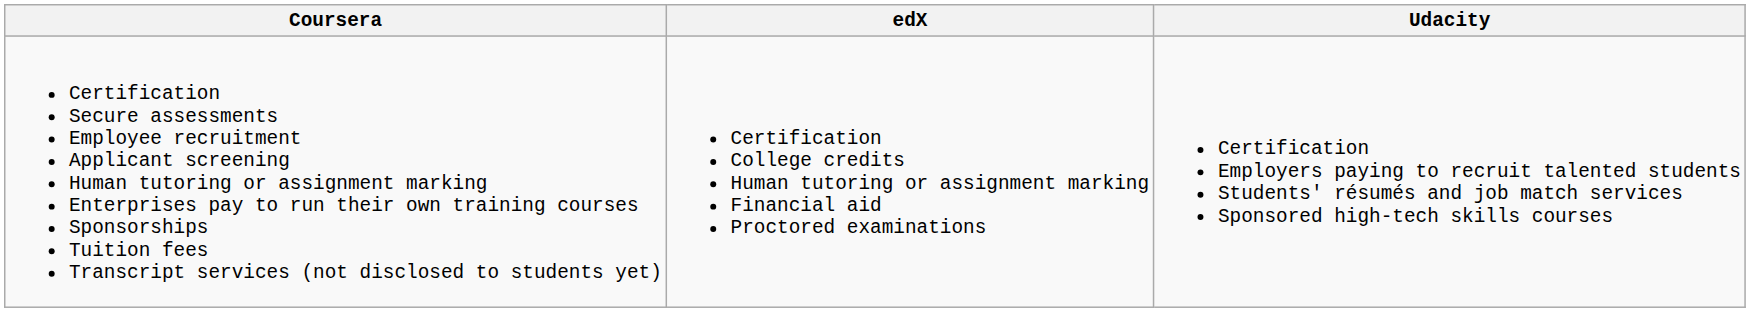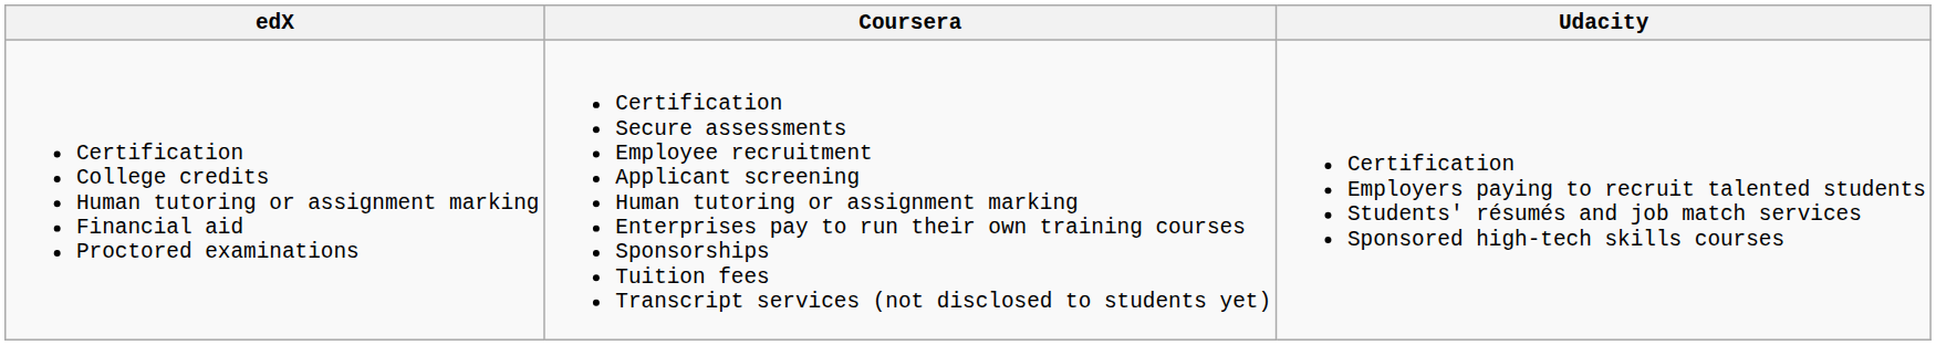 <table class="wikitable">
 <tr>
+<th>edX</th>
 <th>Coursera</th>
-<th>edX</th>
 <th>Udacity</th>
 </tr>
 <tr>
+<td><br><ul><li>Certification</li><li>College credits</li><li>Human tutoring or assignment marking</li><li>Financial aid</li><li>Proctored examinations</li></ul></td>
 <td><br><ul><li>Certification</li><li>Secure assessments</li><li>Employee recruitment</li><li>Applicant screening</li><li>Human tutoring or assignment marking</li><li>Enterprises pay to run their own training courses</li><li>Sponsorships</li><li>Tuition fees</li><li>Transcript services (not disclosed to students yet)</li></ul></td>
-<td><br><ul><li>Certification</li><li>College credits</li><li>Human tutoring or assignment marking</li><li>Financial aid</li><li>Proctored examinations</li></ul></td>
 <td><br><ul><li>Certification</li><li>Employers paying to recruit talented students</li><li>Students' résumés and job match services</li><li>Sponsored high-tech skills courses</li></ul></td>
 </tr>
 </table>
